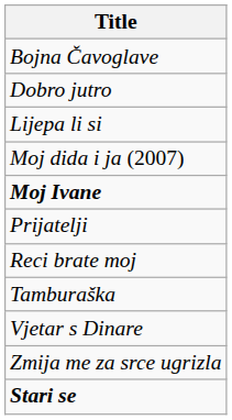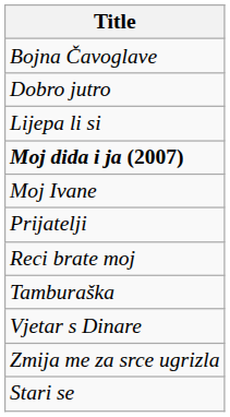 <table class="wikitable">
 <tr>
 <th>Title</th>
 </tr>
 <tr>
 <td><em>Bojna Čavoglave</em></td>
 </tr>
 <tr>
 <td><em>Dobro jutro</em> </td>
 </tr>
 <tr>
 <td><em>Lijepa li si</em></td>
 </tr>
 <tr>
-<td><em>Moj dida i ja</em> (2007)</td>
+<td><strong><em>Moj dida i ja</em> (2007)</strong></td>
 </tr>
 <tr>
-<td><strong><em>Moj Ivane</em></strong></td>
+<td><em>Moj Ivane</em></td>
 </tr>
 <tr>
 <td><em>Prijatelji</em></td>
 </tr>
 <tr>
 <td><em>Reci brate moj</em></td>
 </tr>
 <tr>
 <td><em>Tamburaška</em></td>
 </tr>
 <tr>
 <td><em>Vjetar s Dinare</em></td>
 </tr>
 <tr>
 <td><em>Zmija me za srce ugrizla</em></td>
 </tr>
 <tr>
-<td><strong><em>Stari se</em></strong></td>
+<td><em>Stari se</em></td>
 </tr>
 </table>
